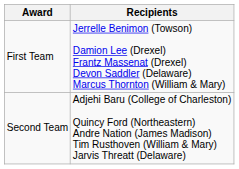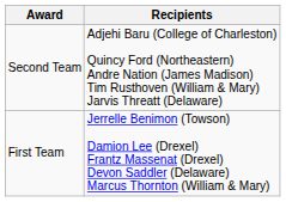 <table class="wikitable" style="white-space:nowrap; font-size:90%;">
 <tr>
 <th>Award</th>
 <th>Recipients</th>
 </tr>
 <tr>
+<td>Second Team</td>
+<td>Adjehi Baru (College of Charleston)<br><br>Quincy Ford (Northeastern)<br> Andre Nation (James Madison)<br> Tim Rusthoven (William & Mary)<br> Jarvis Threatt (Delaware)</td>
+</tr>
+<tr>
 <td>First Team</td>
 <td><a href='#'>Jerrelle Benimon</a> (Towson)<br><br><a href='#'>Damion Lee</a> (Drexel)<br> <a href='#'>Frantz Massenat</a> (Drexel)<br> <a href='#'>Devon Saddler</a> (Delaware)<br> <a href='#'>Marcus Thornton</a> (William & Mary)</td>
 </tr>
-<tr>
-<td>Second Team</td>
-<td>Adjehi Baru (College of Charleston)<br><br>Quincy Ford (Northeastern)<br> Andre Nation (James Madison)<br> Tim Rusthoven (William & Mary)<br> Jarvis Threatt (Delaware)</td>
-</tr>
 </table>
